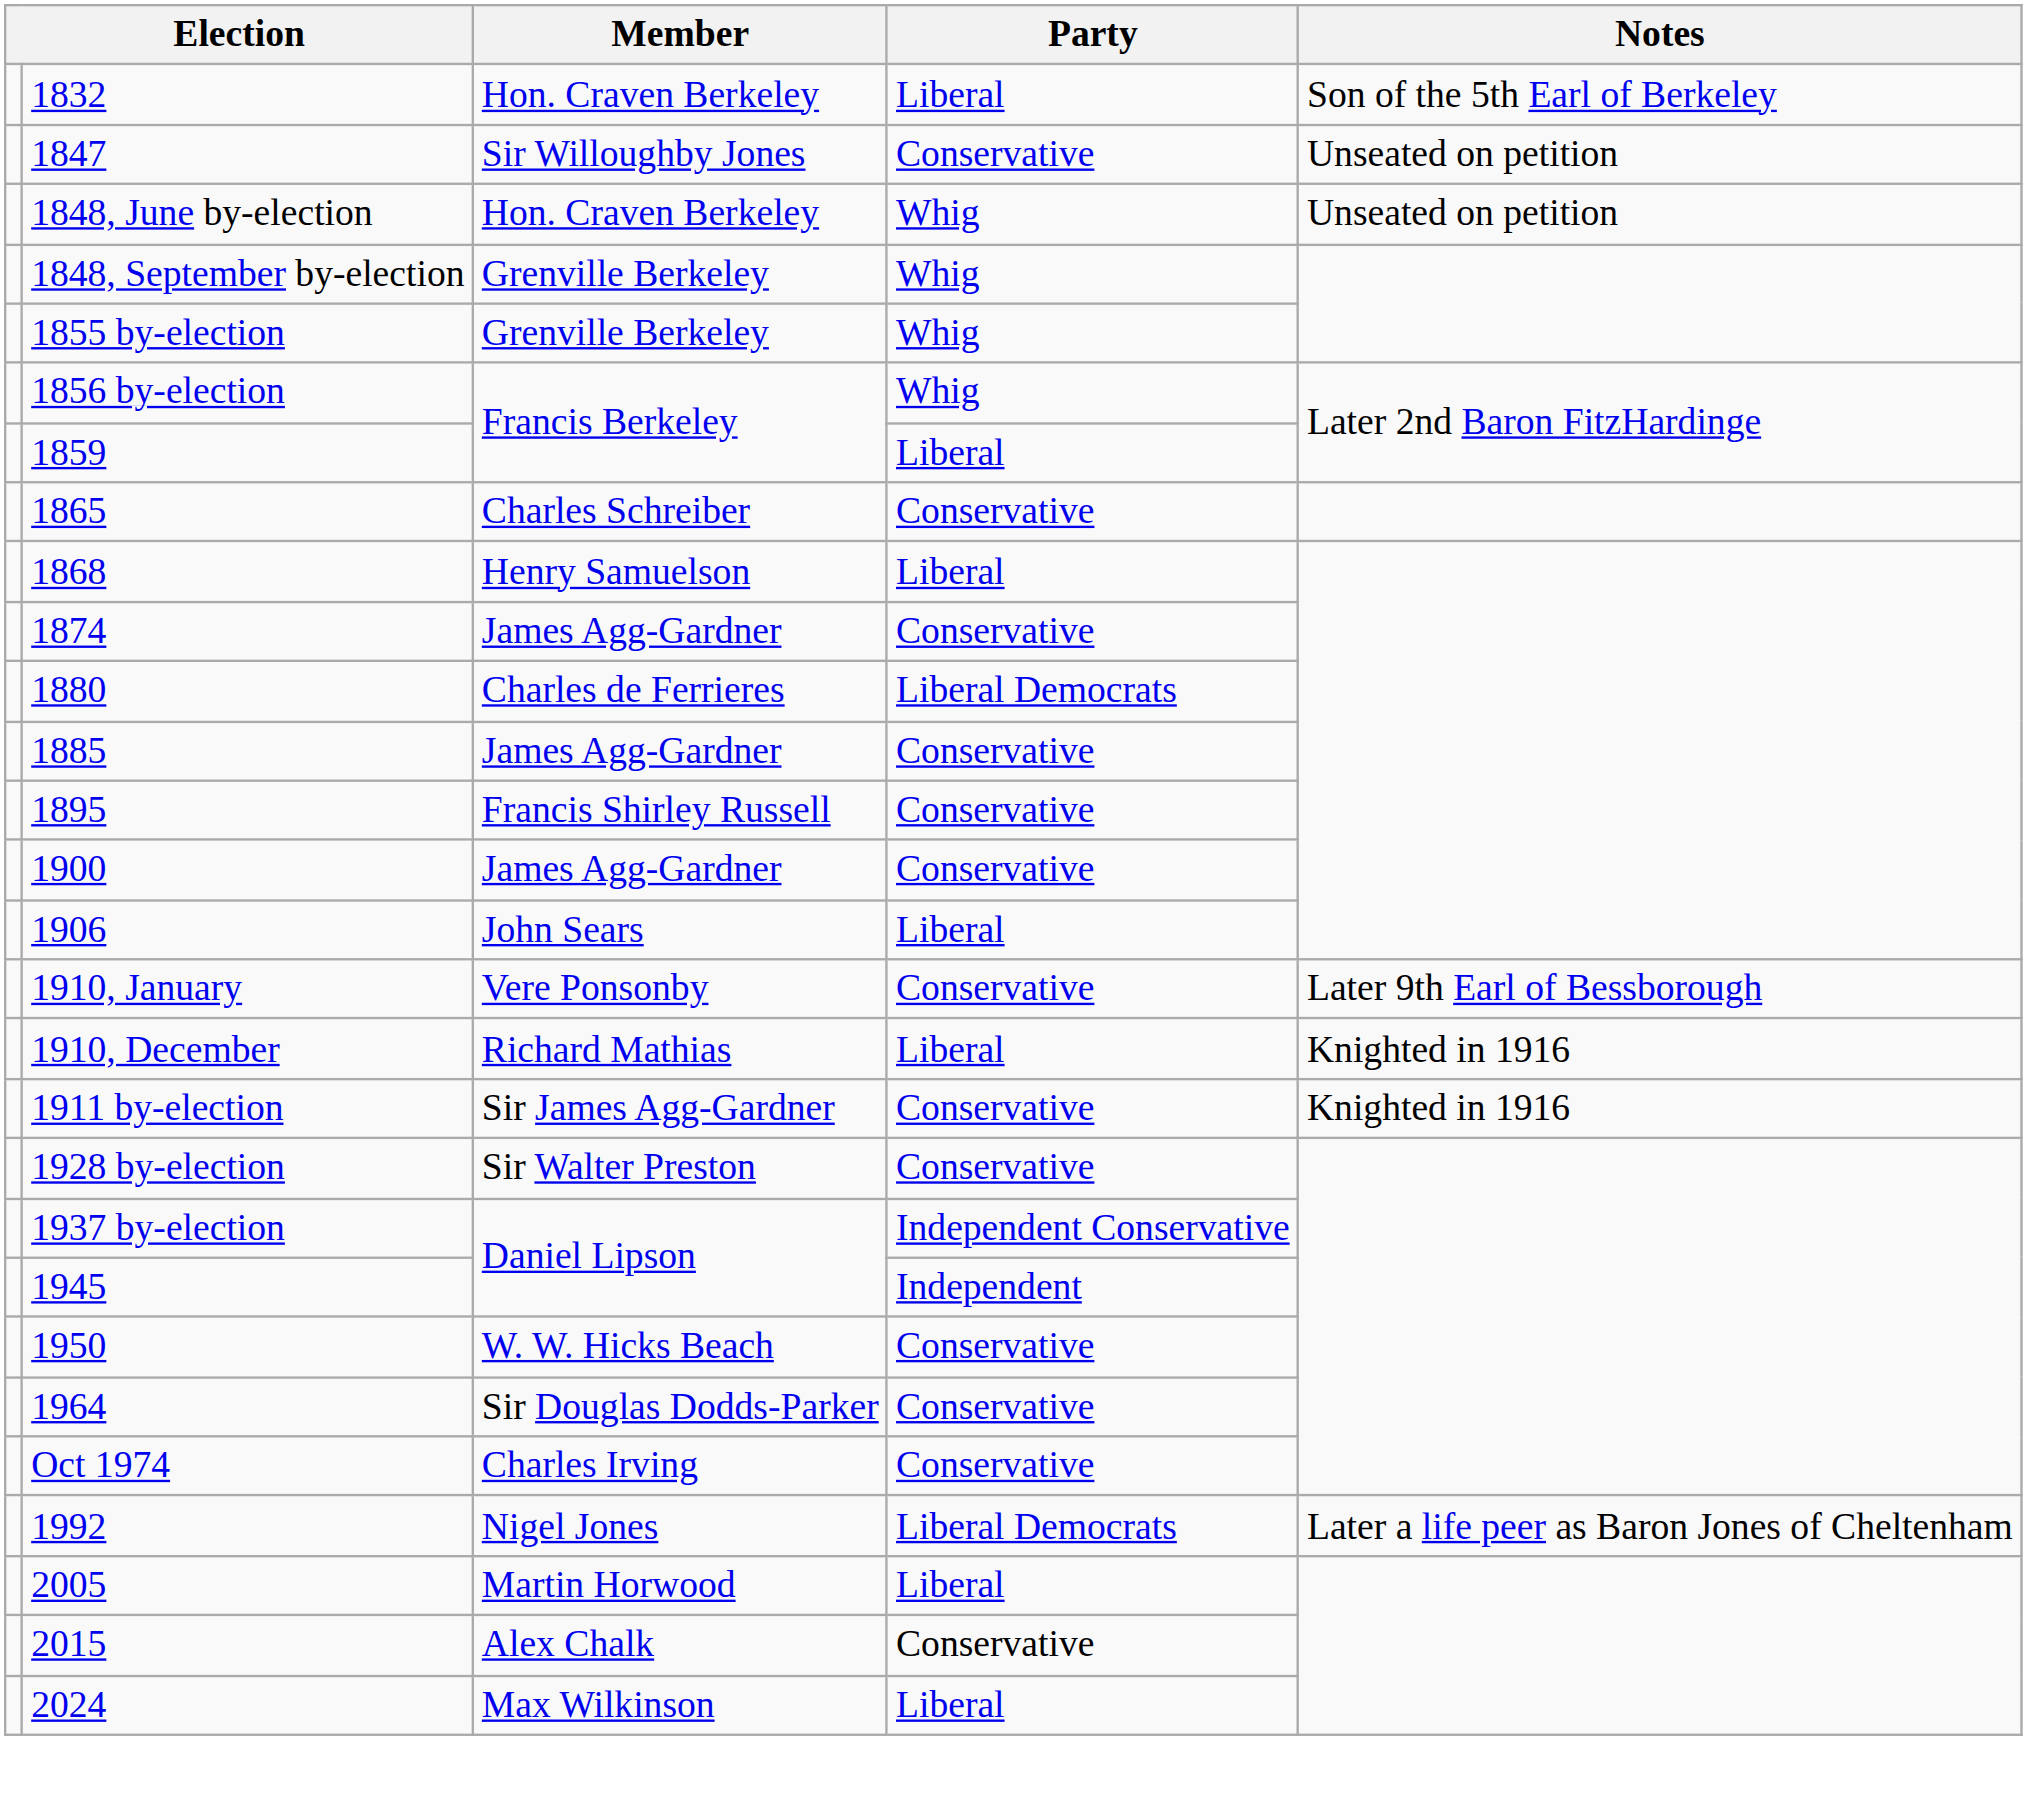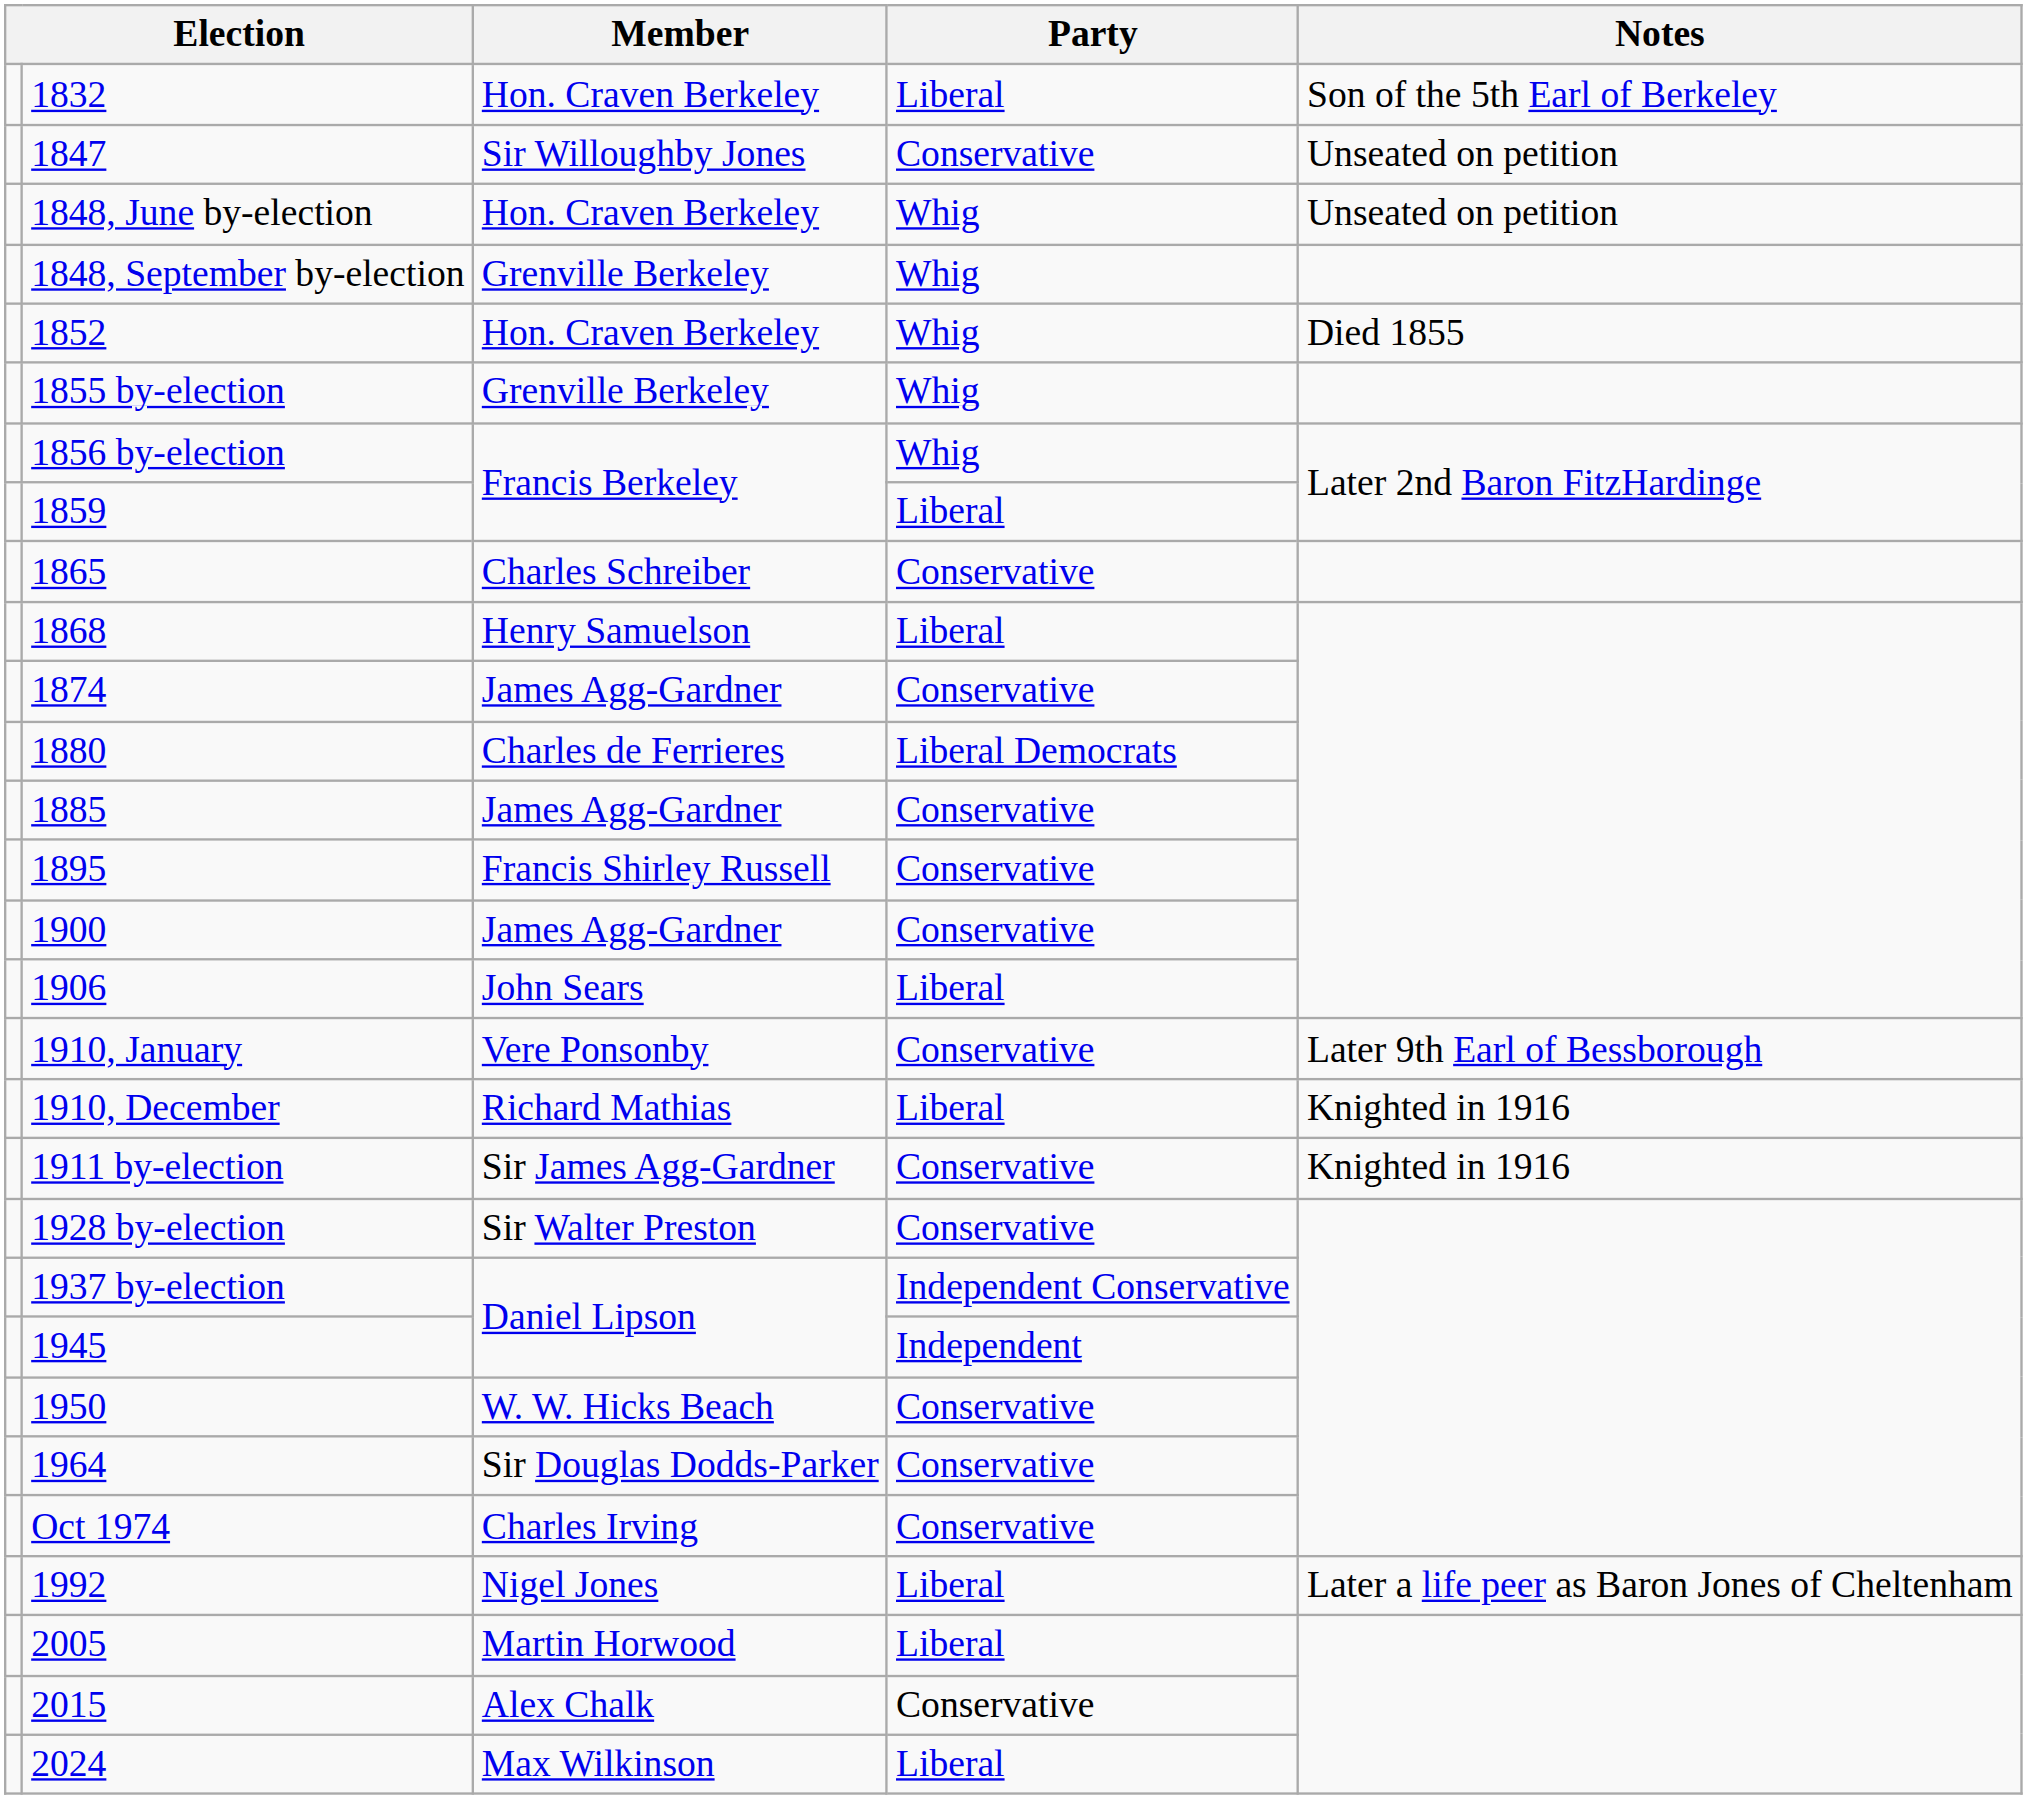 <table class="wikitable">
 <tr>
 <th colspan="2">Election</th>
 <th>Member</th>
 <th>Party</th>
 <th>Notes</th>
 </tr>
 <tr>
 <td style="color:inherit;background-color: "></td>
 <td><a href='#'>1832</a></td>
 <td><a href='#'>Hon. Craven Berkeley</a></td>
 <td><a href='#'>Liberal</a></td>
 <td>Son of the 5th <a href='#'>Earl of Berkeley</a></td>
 </tr>
 <tr>
 <td style="color:inherit;background-color: "></td>
 <td><a href='#'>1847</a></td>
 <td><a href='#'>Sir Willoughby Jones</a></td>
 <td><a href='#'>Conservative</a></td>
 <td>Unseated on petition</td>
 </tr>
 <tr>
 <td style="color:inherit;background-color: "></td>
 <td><a href='#'>1848, June</a> by-election</td>
 <td><a href='#'>Hon. Craven Berkeley</a></td>
 <td><a href='#'>Whig</a></td>
 <td>Unseated on petition</td>
 </tr>
 <tr>
 <td style="color:inherit;background-color: "></td>
 <td><a href='#'>1848, September</a> by-election</td>
 <td><a href='#'>Grenville Berkeley</a></td>
 <td><a href='#'>Whig</a></td>
+</tr>
+<tr>
+<td style="color:inherit;background-color: "></td>
+<td><a href='#'>1852</a></td>
+<td><a href='#'>Hon. Craven Berkeley</a></td>
+<td><a href='#'>Whig</a></td>
+<td>Died 1855</td>
 </tr>
 <tr>
 <td style="color:inherit;background-color: "></td>
 <td><a href='#'>1855 by-election</a></td>
 <td><a href='#'>Grenville Berkeley</a></td>
 <td><a href='#'>Whig</a></td>
 </tr>
 <tr>
 <td style="color:inherit;background-color: "></td>
 <td><a href='#'>1856 by-election</a></td>
 <td rowspan="2"><a href='#'>Francis Berkeley</a></td>
 <td><a href='#'>Whig</a></td>
 <td rowspan="2">Later 2nd <a href='#'>Baron FitzHardinge</a></td>
 </tr>
 <tr>
 <td style="color:inherit;background-color: "></td>
 <td><a href='#'>1859</a></td>
 <td><a href='#'>Liberal</a></td>
 </tr>
 <tr>
 <td style="color:inherit;background-color: "></td>
 <td><a href='#'>1865</a></td>
 <td><a href='#'>Charles Schreiber</a></td>
 <td><a href='#'>Conservative</a></td>
 <td></td>
 </tr>
 <tr>
 <td style="color:inherit;background-color: "></td>
 <td><a href='#'>1868</a></td>
 <td><a href='#'>Henry Samuelson</a></td>
 <td><a href='#'>Liberal</a></td>
 </tr>
 <tr>
 <td style="color:inherit;background-color: "></td>
 <td><a href='#'>1874</a></td>
 <td><a href='#'>James Agg-Gardner</a></td>
 <td><a href='#'>Conservative</a></td>
 </tr>
 <tr>
 <td style="color:inherit;background-color: "></td>
 <td><a href='#'>1880</a></td>
 <td><a href='#'>Charles de Ferrieres</a></td>
 <td><a href='#'>Liberal Democrats</a></td>
 </tr>
 <tr>
 <td style="color:inherit;background-color: "></td>
 <td><a href='#'>1885</a></td>
 <td><a href='#'>James Agg-Gardner</a></td>
 <td><a href='#'>Conservative</a></td>
 </tr>
 <tr>
 <td style="color:inherit;background-color: "></td>
 <td><a href='#'>1895</a></td>
 <td><a href='#'>Francis Shirley Russell</a></td>
 <td><a href='#'>Conservative</a></td>
 </tr>
 <tr>
 <td style="color:inherit;background-color: "></td>
 <td><a href='#'>1900</a></td>
 <td><a href='#'>James Agg-Gardner</a></td>
 <td><a href='#'>Conservative</a></td>
 </tr>
 <tr>
 <td style="color:inherit;background-color: "></td>
 <td><a href='#'>1906</a></td>
 <td><a href='#'>John Sears</a></td>
 <td><a href='#'>Liberal</a></td>
 </tr>
 <tr>
 <td style="color:inherit;background-color: "></td>
 <td><a href='#'>1910, January</a></td>
 <td><a href='#'>Vere Ponsonby</a></td>
 <td><a href='#'>Conservative</a></td>
 <td>Later 9th <a href='#'>Earl of Bessborough</a></td>
 </tr>
 <tr>
 <td style="color:inherit;background-color: "></td>
 <td><a href='#'>1910, December</a></td>
 <td><a href='#'>Richard Mathias</a> </td>
 <td><a href='#'>Liberal</a></td>
 <td>Knighted in 1916</td>
 </tr>
 <tr>
 <td style="color:inherit;background-color: "></td>
 <td><a href='#'>1911 by-election</a></td>
 <td>Sir <a href='#'>James Agg-Gardner</a> </td>
 <td><a href='#'>Conservative</a></td>
 <td>Knighted in 1916</td>
 </tr>
 <tr>
 <td style="color:inherit;background-color: "></td>
 <td><a href='#'>1928 by-election</a></td>
 <td>Sir <a href='#'>Walter Preston</a></td>
 <td><a href='#'>Conservative</a></td>
 </tr>
 <tr>
 <td style="color:inherit;background-color: "></td>
 <td><a href='#'>1937 by-election</a></td>
 <td rowspan=2><a href='#'>Daniel Lipson</a></td>
 <td><a href='#'>Independent Conservative</a></td>
 </tr>
 <tr>
 <td style="color:inherit;background-color: "></td>
 <td><a href='#'>1945</a></td>
 <td><a href='#'>Independent</a></td>
 </tr>
 <tr>
 <td style="color:inherit;background-color: "></td>
 <td><a href='#'>1950</a></td>
 <td><a href='#'>W. W. Hicks Beach</a></td>
 <td><a href='#'>Conservative</a></td>
 </tr>
 <tr>
 <td style="color:inherit;background-color: "></td>
 <td><a href='#'>1964</a></td>
 <td>Sir <a href='#'>Douglas Dodds-Parker</a></td>
 <td><a href='#'>Conservative</a></td>
 </tr>
 <tr>
 <td style="color:inherit;background-color: "></td>
 <td><a href='#'>Oct 1974</a></td>
 <td><a href='#'>Charles Irving</a></td>
 <td><a href='#'>Conservative</a></td>
 </tr>
 <tr>
 <td style="color:inherit;background-color: "></td>
 <td><a href='#'>1992</a></td>
 <td><a href='#'>Nigel Jones</a></td>
-<td><a href='#'>Liberal Democrats</a></td>
+<td><a href='#'>Liberal</a></td>
 <td>Later a <a href='#'>life peer</a> as Baron Jones of Cheltenham</td>
 </tr>
 <tr>
 <td style="color:inherit;background-color: "></td>
 <td><a href='#'>2005</a></td>
 <td><a href='#'>Martin Horwood</a></td>
 <td><a href='#'>Liberal</a></td>
 </tr>
 <tr>
 <td style="color:inherit;background-color: "></td>
 <td><a href='#'>2015</a></td>
 <td><a href='#'>Alex Chalk</a></td>
 <td>Conservative</td>
 </tr>
 <tr>
 <td style="color:inherit;background-color: "></td>
 <td><a href='#'>2024</a></td>
 <td><a href='#'>Max Wilkinson</a></td>
 <td><a href='#'>Liberal</a></td>
 </tr>
 </table>
